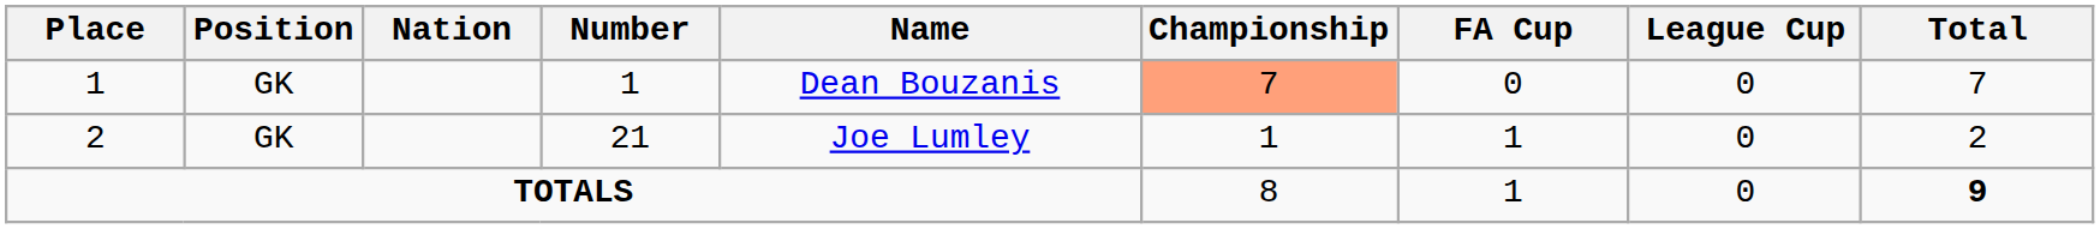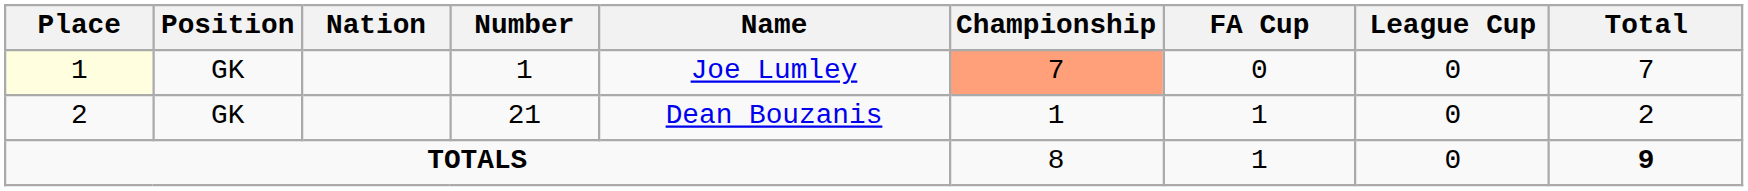 <table class="wikitable" style="font-size: 95%; text-align: center;">
 <tr>
 <th width=60>Place</th>
 <th width=60>Position</th>
 <th width=60>Nation</th>
 <th width=60>Number</th>
 <th width=150>Name</th>
 <th width=80>Championship</th>
 <th width=80>FA Cup</th>
 <th width=80>League Cup</th>
 <th width=80><strong>Total</strong></th>
 </tr>
 <tr>
-<td>1</td>
+<td style="background: lightyellow;">1</td>
 <td>GK</td>
 <td></td>
 <td>1</td>
-<td><a href='#'>Dean Bouzanis</a></td>
+<td><a href='#'>Joe Lumley</a></td>
 <td style="background: lightsalmon;">7</td>
 <td>0</td>
 <td>0</td>
 <td>7</td>
 </tr>
 <tr>
 <td>2</td>
 <td>GK</td>
 <td></td>
 <td>21</td>
-<td><a href='#'>Joe Lumley</a></td>
+<td><a href='#'>Dean Bouzanis</a></td>
 <td>1</td>
 <td>1</td>
 <td>0</td>
 <td>2</td>
 </tr>
 <tr>
 <td colspan="5"><strong>TOTALS</strong></td>
 <td>8</td>
 <td>1</td>
 <td>0</td>
 <td><strong>9</strong></td>
 </tr>
 </table>
